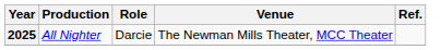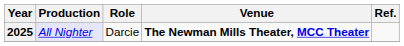 <table class="wikitable plainrowheaders sortable">
 <tr>
 <th scope="col">Year</th>
 <th scope="col">Production</th>
 <th scope="col">Role</th>
 <th scope="col">Venue</th>
 <th scope="col" class="unsortable">Ref.</th>
 </tr>
 <tr>
 <th scope="row">2025</th>
-<td><em><a href='#'>All Nighter</a></em></td>
+<td style="background: lavender;"><em><a href='#'>All Nighter</a></em></td>
 <td>Darcie</td>
-<td>The Newman Mills Theater, <a href='#'>MCC Theater</a></td>
+<td><strong>The Newman Mills Theater, <a href='#'>MCC Theater</a></strong></td>
 <td></td>
 </tr>
 <tr>
 </tr>
 </table>
